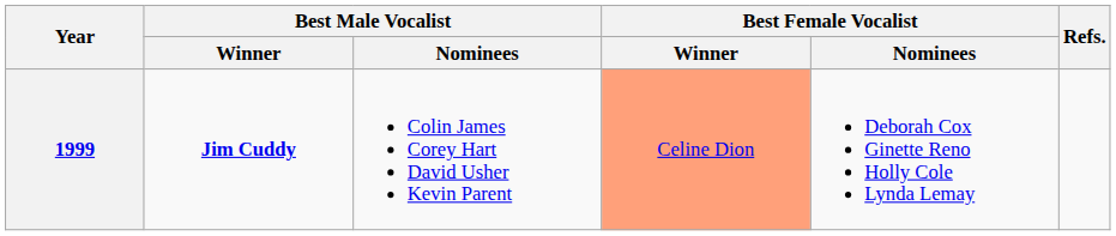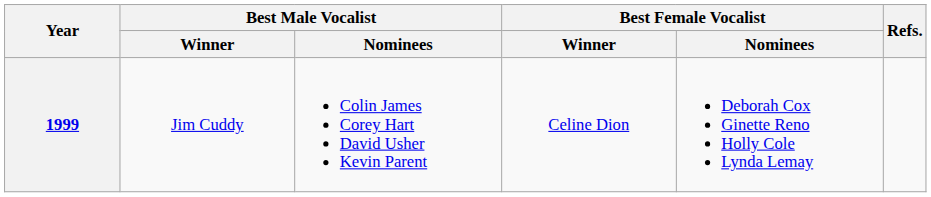 <table class="wikitable">
 <tr>
 <th scope="col" style="width:6.5em;" rowspan="2">Year</th>
 <th scope="col" colspan="2">Best Male Vocalist</th>
 <th scope="col" colspan="2">Best Female Vocalist</th>
 <th scope="col" rowspan="2">Refs.</th>
 </tr>
 <tr>
 <th scope="col" style="width:10em;">Winner</th>
 <th scope="col" style="width:12em;">Nominees</th>
 <th scope="col" style="width:10em;">Winner</th>
 <th scope="col" style="width:12em;">Nominees</th>
 </tr>
 <tr>
 <th scope="row"><a href='#'>1999</a></th>
-<td align="center"><strong><a href='#'>Jim Cuddy</a></strong></td>
+<td align="center"><a href='#'>Jim Cuddy</a></td>
 <td><br><ul><li><a href='#'>Colin James</a></li><li><a href='#'>Corey Hart</a></li><li><a href='#'>David Usher</a></li><li><a href='#'>Kevin Parent</a></li></ul></td>
-<td align="center" style="background: lightsalmon;"><a href='#'>Celine Dion</a></td>
+<td align="center"><a href='#'>Celine Dion</a></td>
 <td><br><ul><li><a href='#'>Deborah Cox</a></li><li><a href='#'>Ginette Reno</a></li><li><a href='#'>Holly Cole</a></li><li><a href='#'>Lynda Lemay</a></li></ul></td>
 <td align="center"></td>
 </tr>
 </table>
